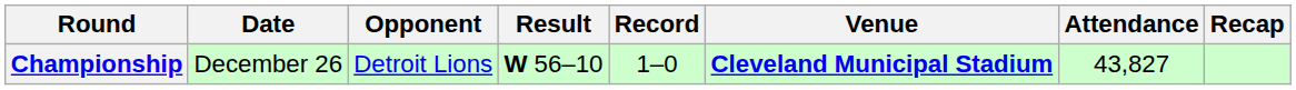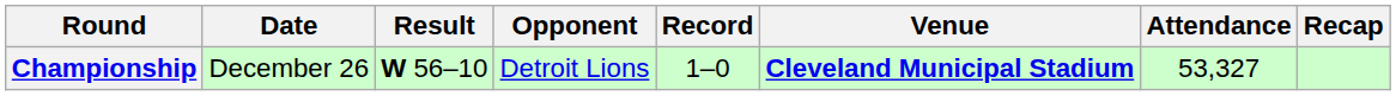 <table class="wikitable" style="text-align:center">
 <tr>
 <th>Round</th>
 <th>Date</th>
+<th>Result</th>
 <th>Opponent</th>
-<th>Result</th>
 <th>Record</th>
 <th>Venue</th>
 <th>Attendance</th>
 <th>Recap</th>
 </tr>
 <tr style="background:#cfc">
 <th><a href='#'>Championship</a></th>
 <td>December 26</td>
+<td><strong>W</strong> 56–10</td>
 <td><a href='#'>Detroit Lions</a></td>
-<td><strong>W</strong> 56–10</td>
 <td>1–0</td>
 <td><strong><a href='#'>Cleveland Municipal Stadium</a></strong></td>
-<td>43,827</td>
+<td>53,327</td>
 <td></td>
 </tr>
 </table>
